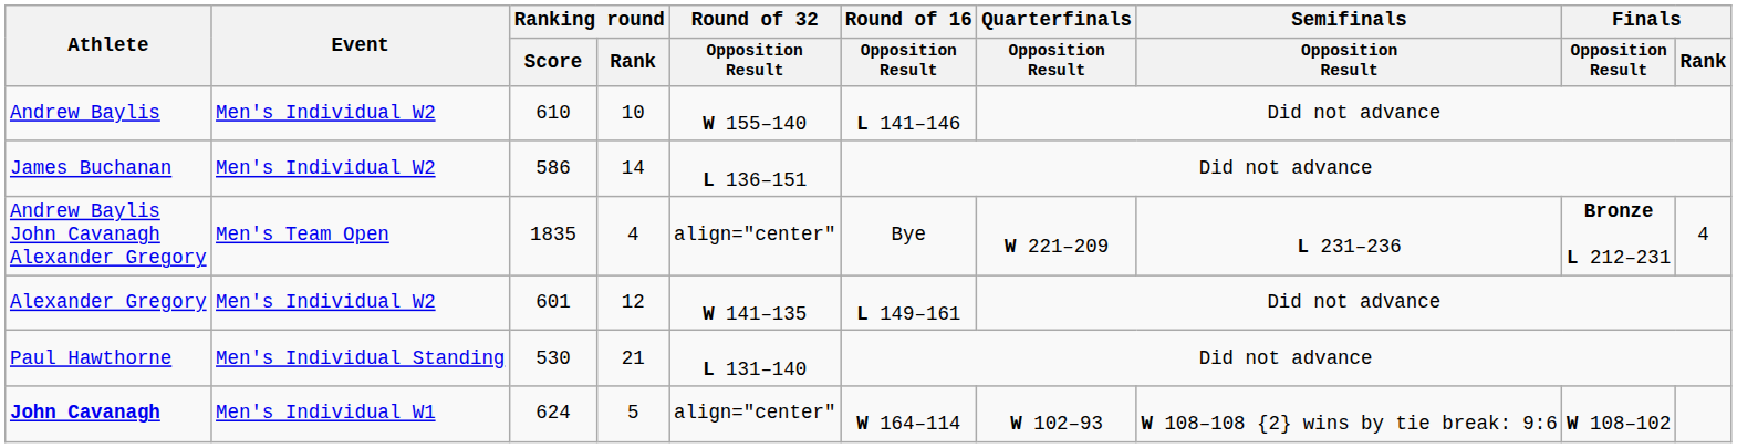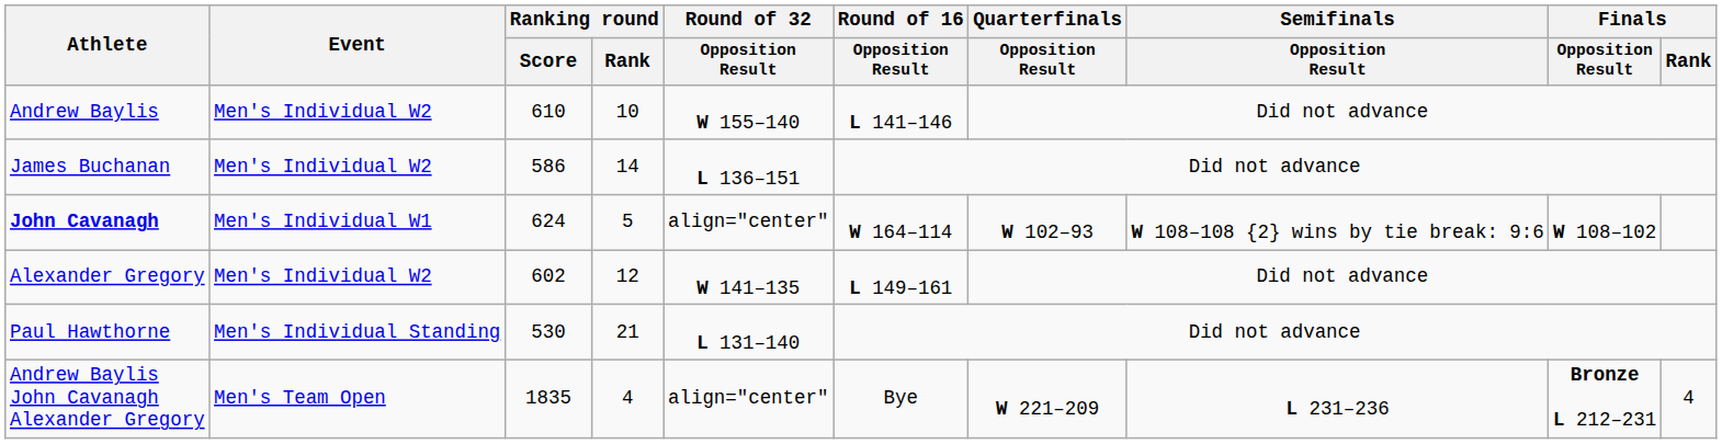 <table class=wikitable style="font-size:90%">
 <tr>
 <th rowspan="2">Athlete</th>
 <th rowspan="2">Event</th>
 <th colspan="2">Ranking round</th>
 <th>Round of 32</th>
 <th>Round of 16</th>
 <th>Quarterfinals</th>
 <th>Semifinals</th>
 <th colspan="2">Finals</th>
 </tr>
 <tr>
 <th>Score</th>
 <th>Rank</th>
 <th style="line-height:1em"><small>Opposition<br>Result</small></th>
 <th style="line-height:1em"><small>Opposition<br>Result</small></th>
 <th style="line-height:1em"><small>Opposition<br>Result</small></th>
 <th style="line-height:1em"><small>Opposition<br>Result</small></th>
 <th style="line-height:1em"><small>Opposition<br>Result</small></th>
 <th>Rank</th>
 </tr>
 <tr>
 <td><a href='#'>Andrew Baylis</a></td>
 <td><a href='#'>Men's Individual W2</a></td>
 <td align="center">610</td>
 <td align="center">10</td>
 <td align="center"><br> <strong>W</strong> 155–140</td>
 <td align="center"><br> <strong>L</strong> 141–146</td>
 <td align="center" colspan="4">Did not advance</td>
 </tr>
 <tr>
 <td><a href='#'>James Buchanan</a></td>
 <td><a href='#'>Men's Individual W2</a></td>
 <td align="center">586</td>
 <td align="center">14</td>
 <td align="center"><br> <strong>L</strong> 136–151</td>
 <td align="center" colspan="5">Did not advance</td>
 </tr>
 <tr>
-<td><a href='#'>Andrew Baylis</a><br><a href='#'>John Cavanagh</a><br><a href='#'>Alexander Gregory</a></td>
-<td><a href='#'>Men's Team Open</a></td>
-<td align="center">1835</td>
-<td align="center">4</td>
+<td><strong><a href='#'>John Cavanagh</a></strong></td>
+<td><a href='#'>Men's Individual W1</a></td>
+<td align="center">624</td>
+<td align="center">5</td>
 <td>align="center" </td>
-<td align="center">Bye</td>
-<td align="center"><br> <strong>W</strong> 221–209</td>
-<td align="center"><br> <strong>L</strong> 231–236</td>
-<td align="center"><strong>Bronze</strong><br><br> <strong>L</strong> 212–231</td>
-<td align="center">4</td>
+<td align="center"><br> <strong>W</strong> 164–114</td>
+<td align="center"><br> <strong>W</strong> 102–93</td>
+<td align="center"><br> <strong>W</strong> 108–108 {2} wins by tie break: 9:6</td>
+<td align="center"><br> <strong>W</strong> 108–102</td>
+<td align="center"></td>
 </tr>
 <tr>
 <td><a href='#'>Alexander Gregory</a></td>
 <td><a href='#'>Men's Individual W2</a></td>
-<td align="center">601</td>
+<td align="center">602</td>
 <td align="center">12</td>
 <td align="center"><br> <strong>W</strong> 141–135</td>
 <td align="center"><br> <strong>L</strong> 149–161</td>
 <td align="center" colspan="4">Did not advance</td>
 </tr>
 <tr>
 <td><a href='#'>Paul Hawthorne</a></td>
 <td><a href='#'>Men's Individual Standing</a></td>
 <td align="center">530</td>
 <td align="center">21</td>
 <td align="center"><br> <strong>L</strong> 131–140</td>
 <td align="center" colspan="5">Did not advance</td>
 </tr>
 <tr>
-<td><strong><a href='#'>John Cavanagh</a></strong></td>
-<td><a href='#'>Men's Individual W1</a></td>
-<td align="center">624</td>
-<td align="center">5</td>
+<td><a href='#'>Andrew Baylis</a><br><a href='#'>John Cavanagh</a><br><a href='#'>Alexander Gregory</a></td>
+<td><a href='#'>Men's Team Open</a></td>
+<td align="center">1835</td>
+<td align="center">4</td>
 <td>align="center" </td>
-<td align="center"><br> <strong>W</strong> 164–114</td>
-<td align="center"><br> <strong>W</strong> 102–93</td>
-<td align="center"><br> <strong>W</strong> 108–108 {2} wins by tie break: 9:6</td>
-<td align="center"><br> <strong>W</strong> 108–102</td>
-<td align="center"></td>
+<td align="center">Bye</td>
+<td align="center"><br> <strong>W</strong> 221–209</td>
+<td align="center"><br> <strong>L</strong> 231–236</td>
+<td align="center"><strong>Bronze</strong><br><br> <strong>L</strong> 212–231</td>
+<td align="center">4</td>
 </tr>
 </table>
